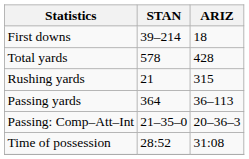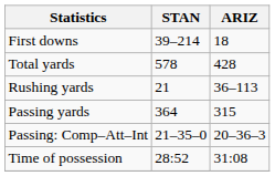 <table class="wikitable" style="float: left;">
 <tr>
 <th>Statistics</th>
 <th>STAN</th>
 <th>ARIZ</th>
 </tr>
 <tr>
 <td>First downs</td>
 <td>39–214</td>
 <td>18</td>
 </tr>
 <tr>
 <td>Total yards</td>
 <td>578</td>
 <td>428</td>
 </tr>
 <tr>
 <td>Rushing yards</td>
 <td>21</td>
-<td>315</td>
+<td>36–113</td>
 </tr>
 <tr>
 <td>Passing yards</td>
 <td>364</td>
-<td>36–113</td>
+<td>315</td>
 </tr>
 <tr>
 <td>Passing: Comp–Att–Int</td>
 <td>21–35–0</td>
 <td>20–36–3</td>
 </tr>
 <tr>
 <td>Time of possession</td>
 <td>28:52</td>
 <td>31:08</td>
 </tr>
 <tr>
 </tr>
 </table>
